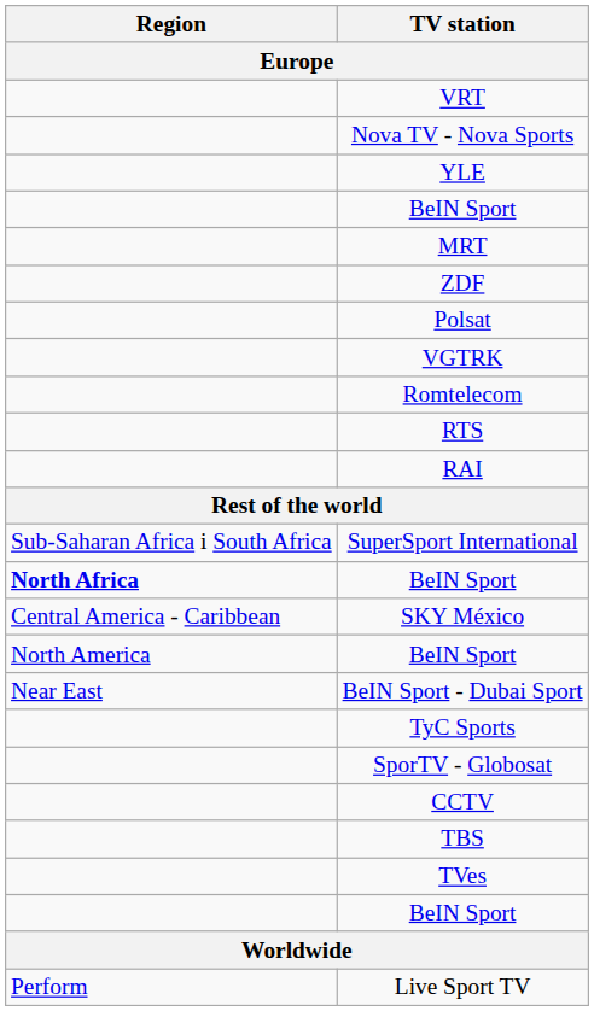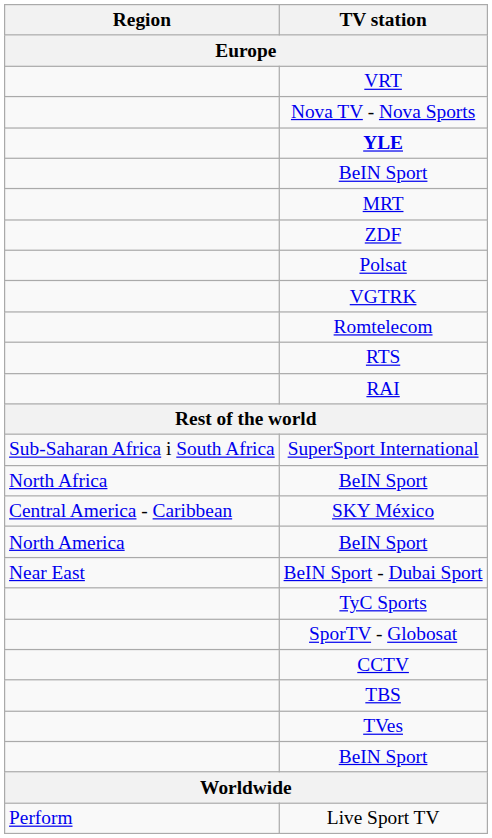 <table class="wikitable">
 <tr>
 <th>Region</th>
 <th>TV station</th>
 </tr>
 <tr>
 <th colspan=2>Europe</th>
 </tr>
 <tr>
 <td></td>
 <td style="text-align:center;"><a href='#'>VRT</a></td>
 </tr>
 <tr>
 <td></td>
 <td style="text-align:center;"><a href='#'>Nova TV</a> - <a href='#'>Nova Sports</a></td>
 </tr>
 <tr>
 <td></td>
-<td style="text-align:center;"><a href='#'>YLE</a></td>
+<td style="text-align:center;"><strong><a href='#'>YLE</a></strong></td>
 </tr>
 <tr>
 <td></td>
 <td style="text-align:center;"><a href='#'>BeIN Sport</a></td>
 </tr>
 <tr>
 <td></td>
 <td style="text-align:center;"><a href='#'>MRT</a></td>
 </tr>
 <tr>
 <td></td>
 <td style="text-align:center;"><a href='#'>ZDF</a></td>
 </tr>
 <tr>
 <td></td>
 <td style="text-align:center;"><a href='#'>Polsat</a></td>
 </tr>
 <tr>
 <td></td>
 <td style="text-align:center;"><a href='#'>VGTRK</a></td>
 </tr>
 <tr>
 <td></td>
 <td style="text-align:center;"><a href='#'>Romtelecom</a></td>
 </tr>
 <tr>
 <td></td>
 <td style="text-align:center;"><a href='#'>RTS</a></td>
 </tr>
 <tr>
 <td></td>
 <td style="text-align:center;"><a href='#'>RAI</a></td>
 </tr>
 <tr>
 <th colspan=2>Rest of the world</th>
 </tr>
 <tr>
 <td><a href='#'>Sub-Saharan Africa</a> i <a href='#'>South Africa</a></td>
 <td style="text-align:center;"><a href='#'>SuperSport International</a></td>
 </tr>
 <tr>
-<td><strong><a href='#'>North Africa</a></strong></td>
+<td><a href='#'>North Africa</a></td>
 <td style="text-align:center;"><a href='#'>BeIN Sport</a></td>
 </tr>
 <tr>
 <td><a href='#'>Central America</a> - <a href='#'>Caribbean</a></td>
 <td style="text-align:center;"><a href='#'>SKY México</a></td>
 </tr>
 <tr>
 <td><a href='#'>North America</a></td>
 <td style="text-align:center;"><a href='#'>BeIN Sport</a></td>
 </tr>
 <tr>
 <td><a href='#'>Near East</a></td>
 <td style="text-align:center;"><a href='#'>BeIN Sport</a> - <a href='#'>Dubai Sport</a></td>
 </tr>
 <tr>
 <td></td>
 <td style="text-align:center;"><a href='#'>TyC Sports</a></td>
 </tr>
 <tr>
 <td></td>
 <td style="text-align:center;"><a href='#'>SporTV</a> - <a href='#'>Globosat</a></td>
 </tr>
 <tr>
 <td></td>
 <td style="text-align:center;"><a href='#'>CCTV</a></td>
 </tr>
 <tr>
 <td></td>
 <td style="text-align:center;"><a href='#'>TBS</a></td>
 </tr>
 <tr>
 <td></td>
 <td style="text-align:center;"><a href='#'>TVes</a></td>
 </tr>
 <tr>
 <td></td>
 <td style="text-align:center;"><a href='#'>BeIN Sport</a></td>
 </tr>
 <tr>
 <th colspan=3>Worldwide</th>
 </tr>
 <tr>
 <td><a href='#'>Perform</a></td>
 <td style="text-align:center;">Live Sport TV</td>
 </tr>
 </table>
